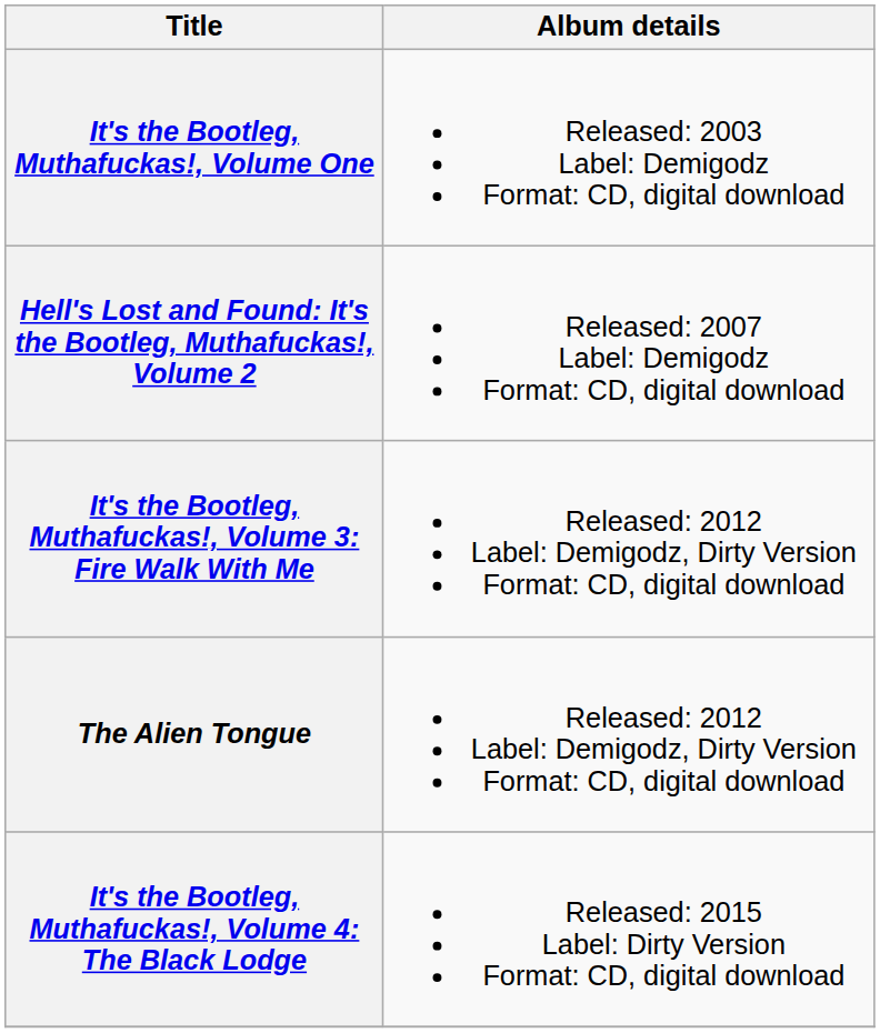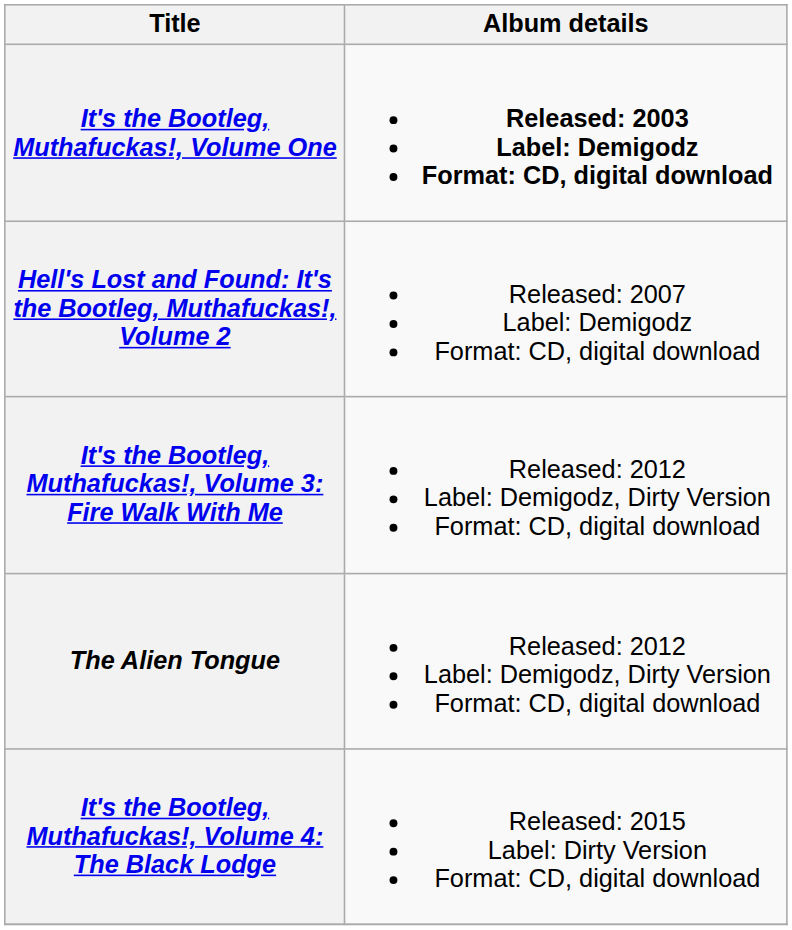 <table class="wikitable plainrowheaders" style="text-align:center;">
 <tr>
 <th scope="col" rowspan="1" style="width:13em;">Title</th>
 <th scope="col" rowspan="1" style="width:17em;">Album details</th>
 </tr>
 <tr>
 <th scope="row"><em><a href='#'>It's the Bootleg, Muthafuckas!, Volume One</a></em></th>
-<td><br><ul><li>Released: 2003</li><li>Label: Demigodz</li><li>Format: CD, digital download</li></ul></td>
+<td><strong><br><ul><li>Released: 2003</li><li>Label: Demigodz</li><li>Format: CD, digital download</li></ul></strong></td>
 </tr>
 <tr>
 <th scope="row"><em><a href='#'>Hell's Lost and Found: It's the Bootleg, Muthafuckas!, Volume 2</a></em></th>
 <td><br><ul><li>Released: 2007</li><li>Label: Demigodz</li><li>Format: CD, digital download</li></ul></td>
 </tr>
 <tr>
 <th scope="row"><em><a href='#'>It's the Bootleg, Muthafuckas!, Volume 3: Fire Walk With Me</a></em></th>
 <td><br><ul><li>Released: 2012</li><li>Label: Demigodz, Dirty Version</li><li>Format: CD, digital download</li></ul></td>
 </tr>
 <tr>
 <th scope="row"><em>The Alien Tongue</em></th>
 <td><br><ul><li>Released: 2012</li><li>Label: Demigodz, Dirty Version</li><li>Format: CD, digital download</li></ul></td>
 </tr>
 <tr>
 <th scope="row"><em><a href='#'>It's the Bootleg, Muthafuckas!, Volume 4: The Black Lodge</a></em></th>
 <td><br><ul><li>Released: 2015</li><li>Label: Dirty Version</li><li>Format: CD, digital download</li></ul></td>
 </tr>
 <tr>
 </tr>
 </table>
